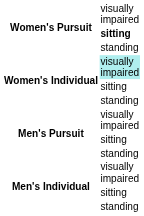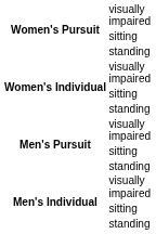 <table>
 <tr>
 <th scope="row" rowspan="3">Women's Pursuit<br></th>
 <td>visually <br>impaired</td>
 <td></td>
 <td></td>
 <td></td>
 </tr>
 <tr>
-<td><strong>sitting</strong></td>
+<td>sitting</td>
 <td></td>
 <td></td>
 <td></td>
 </tr>
 <tr>
 <td>standing</td>
 <td></td>
 <td></td>
 <td></td>
 </tr>
 <tr>
 <th scope="row" rowspan="3">Women's Individual<br></th>
-<td style="background: paleturquoise;">visually <br>impaired</td>
+<td>visually <br>impaired</td>
 <td></td>
 <td></td>
 <td></td>
 </tr>
 <tr>
 <td>sitting</td>
 <td></td>
 <td></td>
 <td></td>
 </tr>
 <tr>
 <td>standing</td>
 <td></td>
 <td></td>
 <td></td>
 </tr>
 <tr>
 <th scope="row" rowspan="3">Men's Pursuit<br></th>
 <td>visually <br>impaired</td>
 <td></td>
 <td></td>
 <td></td>
 </tr>
 <tr>
 <td>sitting</td>
 <td></td>
 <td></td>
 <td></td>
 </tr>
 <tr>
 <td>standing</td>
 <td></td>
 <td></td>
 <td></td>
 </tr>
 <tr>
 <th scope="row" rowspan="3">Men's Individual<br></th>
 <td>visually <br>impaired</td>
 <td></td>
 <td></td>
 <td></td>
 </tr>
 <tr>
 <td>sitting</td>
 <td></td>
 <td></td>
 <td></td>
 </tr>
 <tr>
 <td>standing</td>
 <td></td>
 <td></td>
 <td></td>
 </tr>
 </table>
